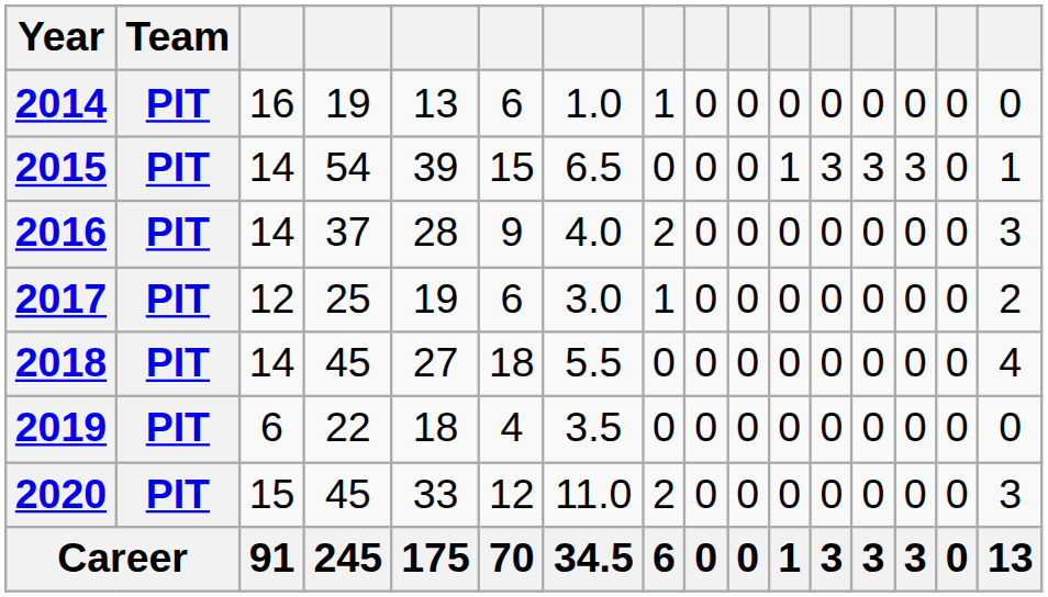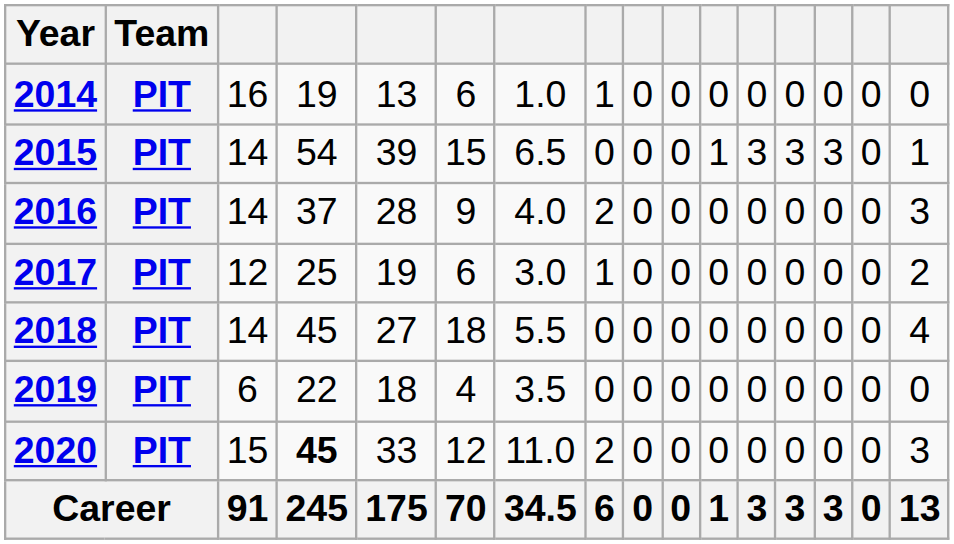 <table class="wikitable sortable" style="text-align:center">
 <tr>
 <th>Year</th>
 <th>Team</th>
 <th></th>
 <th></th>
 <th></th>
 <th></th>
 <th></th>
 <th></th>
 <th></th>
 <th></th>
 <th></th>
 <th></th>
 <th></th>
 <th></th>
 <th></th>
 <th></th>
 </tr>
 <tr>
 <th><a href='#'>2014</a></th>
 <th><a href='#'>PIT</a></th>
 <td>16</td>
 <td>19</td>
 <td>13</td>
 <td>6</td>
 <td>1.0</td>
 <td>1</td>
 <td>0</td>
 <td>0</td>
 <td>0</td>
 <td>0</td>
 <td>0</td>
 <td>0</td>
 <td>0</td>
 <td>0</td>
 </tr>
 <tr>
 <th><a href='#'>2015</a></th>
 <th><a href='#'>PIT</a></th>
 <td>14</td>
 <td>54</td>
 <td>39</td>
 <td>15</td>
 <td>6.5</td>
 <td>0</td>
 <td>0</td>
 <td>0</td>
 <td>1</td>
 <td>3</td>
 <td>3</td>
 <td>3</td>
 <td>0</td>
 <td>1</td>
 </tr>
 <tr>
 <th><a href='#'>2016</a></th>
 <th><a href='#'>PIT</a></th>
 <td>14</td>
 <td>37</td>
 <td>28</td>
 <td>9</td>
 <td>4.0</td>
 <td>2</td>
 <td>0</td>
 <td>0</td>
 <td>0</td>
 <td>0</td>
 <td>0</td>
 <td>0</td>
 <td>0</td>
 <td>3</td>
 </tr>
 <tr>
 <th><a href='#'>2017</a></th>
 <th><a href='#'>PIT</a></th>
 <td>12</td>
 <td>25</td>
 <td>19</td>
 <td>6</td>
 <td>3.0</td>
 <td>1</td>
 <td>0</td>
 <td>0</td>
 <td>0</td>
 <td>0</td>
 <td>0</td>
 <td>0</td>
 <td>0</td>
 <td>2</td>
 </tr>
 <tr>
 <th><a href='#'>2018</a></th>
 <th><a href='#'>PIT</a></th>
 <td>14</td>
 <td>45</td>
 <td>27</td>
 <td>18</td>
 <td>5.5</td>
 <td>0</td>
 <td>0</td>
 <td>0</td>
 <td>0</td>
 <td>0</td>
 <td>0</td>
 <td>0</td>
 <td>0</td>
 <td>4</td>
 </tr>
 <tr>
 <th><a href='#'>2019</a></th>
 <th><a href='#'>PIT</a></th>
 <td>6</td>
 <td>22</td>
 <td>18</td>
 <td>4</td>
 <td>3.5</td>
 <td>0</td>
 <td>0</td>
 <td>0</td>
 <td>0</td>
 <td>0</td>
 <td>0</td>
 <td>0</td>
 <td>0</td>
 <td>0</td>
 </tr>
 <tr>
 <th><a href='#'>2020</a></th>
 <th><a href='#'>PIT</a></th>
 <td>15</td>
-<td>45</td>
+<td><strong>45</strong></td>
 <td>33</td>
 <td>12</td>
 <td>11.0</td>
 <td>2</td>
 <td>0</td>
 <td>0</td>
 <td>0</td>
 <td>0</td>
 <td>0</td>
 <td>0</td>
 <td>0</td>
 <td>3</td>
 </tr>
 <tr class="sortbottom">
 <th colspan="2">Career</th>
 <th>91</th>
 <th>245</th>
 <th>175</th>
 <th>70</th>
 <th>34.5</th>
 <th>6</th>
 <th>0</th>
 <th>0</th>
 <th>1</th>
 <th>3</th>
 <th>3</th>
 <th>3</th>
 <th>0</th>
 <th>13</th>
 </tr>
 </table>
